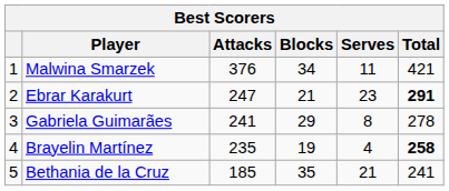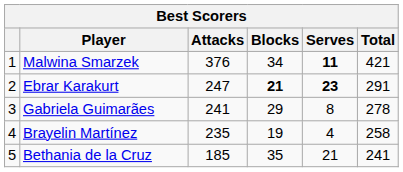 <table class="wikitable sortable" style=font-size:90%>
 <tr>
 <th colspan=6>Best Scorers</th>
 </tr>
 <tr>
 <th></th>
 <th width=158>Player</th>
 <th width=20>Attacks</th>
 <th width=20>Blocks</th>
 <th width=20>Serves</th>
 <th width=20>Total</th>
 </tr>
 <tr>
 <td>1</td>
 <td> <a href='#'>Malwina Smarzek</a></td>
 <td align=center>376</td>
 <td align=center>34</td>
-<td align=center>11</td>
+<td align=center><strong>11</strong></td>
 <td align=center>421</td>
 </tr>
 <tr>
 <td>2</td>
 <td> <a href='#'>Ebrar Karakurt</a></td>
 <td align=center>247</td>
-<td align=center>21</td>
-<td align=center>23</td>
-<td align=center><strong>291</strong></td>
+<td align=center><strong>21</strong></td>
+<td align=center><strong>23</strong></td>
+<td align=center>291</td>
 </tr>
 <tr>
 <td>3</td>
 <td> <a href='#'>Gabriela Guimarães</a></td>
 <td align=center>241</td>
 <td align=center>29</td>
 <td align=center>8</td>
 <td align=center>278</td>
 </tr>
 <tr>
 <td>4</td>
 <td> <a href='#'>Brayelin Martínez</a></td>
 <td align=center>235</td>
 <td align=center>19</td>
 <td align=center>4</td>
-<td align=center><strong>258</strong></td>
+<td align=center>258</td>
 </tr>
 <tr>
 <td>5</td>
 <td> <a href='#'>Bethania de la Cruz</a></td>
 <td align=center>185</td>
 <td align=center>35</td>
 <td align=center>21</td>
 <td align=center>241</td>
 </tr>
 </table>
